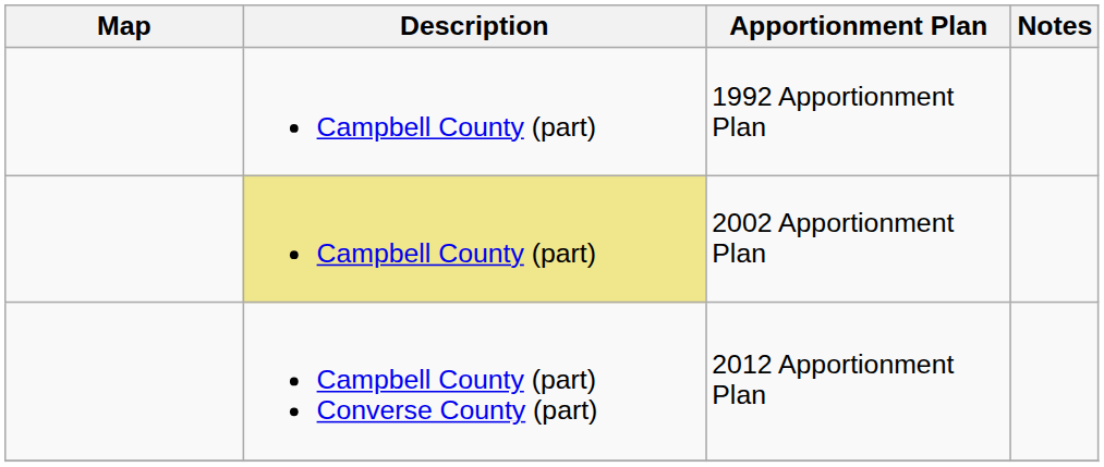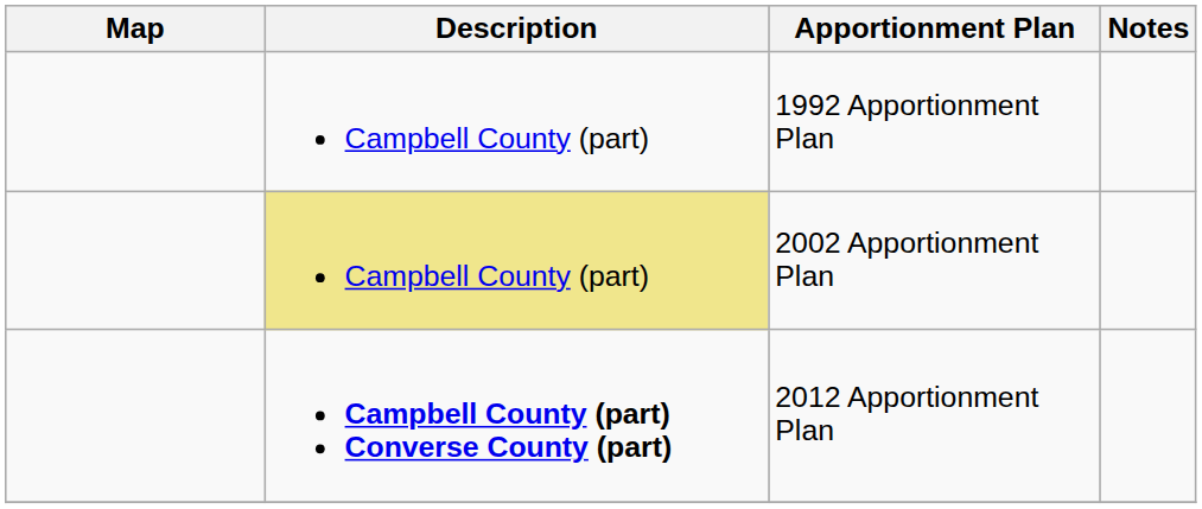 <table class="wikitable sortable">
 <tr>
 <th style="width:100pt;">Map</th>
 <th style="width:200pt;">Description</th>
 <th style="width:130pt;">Apportionment Plan</th>
 <th style="width:15pt;">Notes</th>
 </tr>
 <tr>
 <td></td>
 <td><br><ul><li><a href='#'>Campbell County</a> (part)</li></ul></td>
 <td>1992 Apportionment Plan</td>
 <td></td>
 </tr>
 <tr>
 <td></td>
 <td style="background: khaki;"><br><ul><li><a href='#'>Campbell County</a> (part)</li></ul></td>
 <td>2002 Apportionment Plan</td>
 <td></td>
 </tr>
 <tr>
 <td></td>
-<td><br><ul><li><a href='#'>Campbell County</a> (part)</li><li><a href='#'>Converse County</a> (part)</li></ul></td>
+<td><strong><br><ul><li><a href='#'>Campbell County</a> (part)</li><li><a href='#'>Converse County</a> (part)</li></ul></strong></td>
 <td>2012 Apportionment Plan</td>
 <td></td>
 </tr>
 <tr>
 </tr>
 </table>
